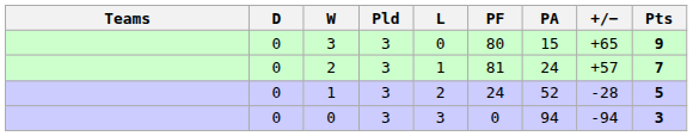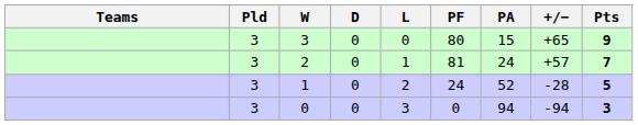 <table class="wikitable" style="text-align: center;">
 <tr>
 <th width="200">Teams</th>
+<th width="40">Pld</th>
+<th width="40">W</th>
 <th width="40">D</th>
-<th width="40">W</th>
-<th width="40">Pld</th>
 <th width="40">L</th>
 <th width="40">PF</th>
 <th width="40">PA</th>
 <th width="40">+/−</th>
 <th width="40">Pts</th>
 </tr>
 <tr style="background:#ccffcc">
 <td align=left></td>
-<td>0</td>
 <td>3</td>
 <td>3</td>
+<td>0</td>
 <td>0</td>
 <td>80</td>
 <td>15</td>
 <td>+65</td>
 <td><strong>9</strong></td>
 </tr>
 <tr style="background:#ccffcc">
 <td align=left></td>
+<td>3</td>
+<td>2</td>
 <td>0</td>
-<td>2</td>
-<td>3</td>
 <td>1</td>
 <td>81</td>
 <td>24</td>
 <td>+57</td>
 <td><strong>7</strong></td>
 </tr>
 <tr style="background:#ccccff">
 <td align=left></td>
+<td>3</td>
+<td>1</td>
 <td>0</td>
-<td>1</td>
-<td>3</td>
 <td>2</td>
 <td>24</td>
 <td>52</td>
 <td>-28</td>
 <td><strong>5</strong></td>
 </tr>
 <tr style="background:#ccccff">
 <td align=left></td>
+<td>3</td>
 <td>0</td>
 <td>0</td>
-<td>3</td>
 <td>3</td>
 <td>0</td>
 <td>94</td>
 <td>-94</td>
 <td><strong>3</strong></td>
 </tr>
 </table>
